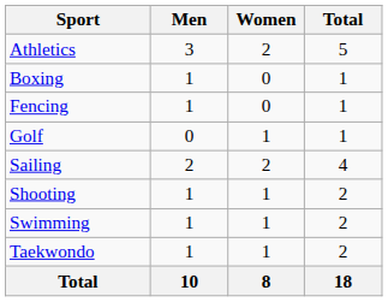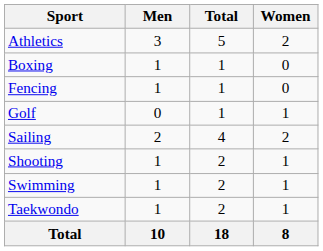 <table class="wikitable sortable" style="text-align:center;">
 <tr>
 <th width=120>Sport</th>
 <th width=60>Men</th>
+<th width=60>Total</th>
 <th width=60>Women</th>
-<th width=60>Total</th>
 </tr>
 <tr>
 <td align=left><a href='#'>Athletics</a></td>
 <td>3</td>
+<td>5</td>
 <td>2</td>
-<td>5</td>
 </tr>
 <tr>
 <td align=left><a href='#'>Boxing</a></td>
 <td>1</td>
+<td>1</td>
 <td>0</td>
-<td>1</td>
 </tr>
 <tr>
 <td align=left><a href='#'>Fencing</a></td>
 <td>1</td>
+<td>1</td>
 <td>0</td>
-<td>1</td>
 </tr>
 <tr>
 <td align=left><a href='#'>Golf</a></td>
 <td>0</td>
 <td>1</td>
 <td>1</td>
 </tr>
 <tr>
 <td align=left><a href='#'>Sailing</a></td>
 <td>2</td>
+<td>4</td>
 <td>2</td>
-<td>4</td>
 </tr>
 <tr>
 <td align=left><a href='#'>Shooting</a></td>
 <td>1</td>
+<td>2</td>
 <td>1</td>
-<td>2</td>
 </tr>
 <tr>
 <td align=left><a href='#'>Swimming</a></td>
 <td>1</td>
+<td>2</td>
 <td>1</td>
-<td>2</td>
 </tr>
 <tr>
 <td align=left><a href='#'>Taekwondo</a></td>
 <td>1</td>
+<td>2</td>
 <td>1</td>
-<td>2</td>
 </tr>
 <tr>
 <th>Total</th>
 <th>10</th>
+<th>18</th>
 <th>8</th>
-<th>18</th>
 </tr>
 </table>
